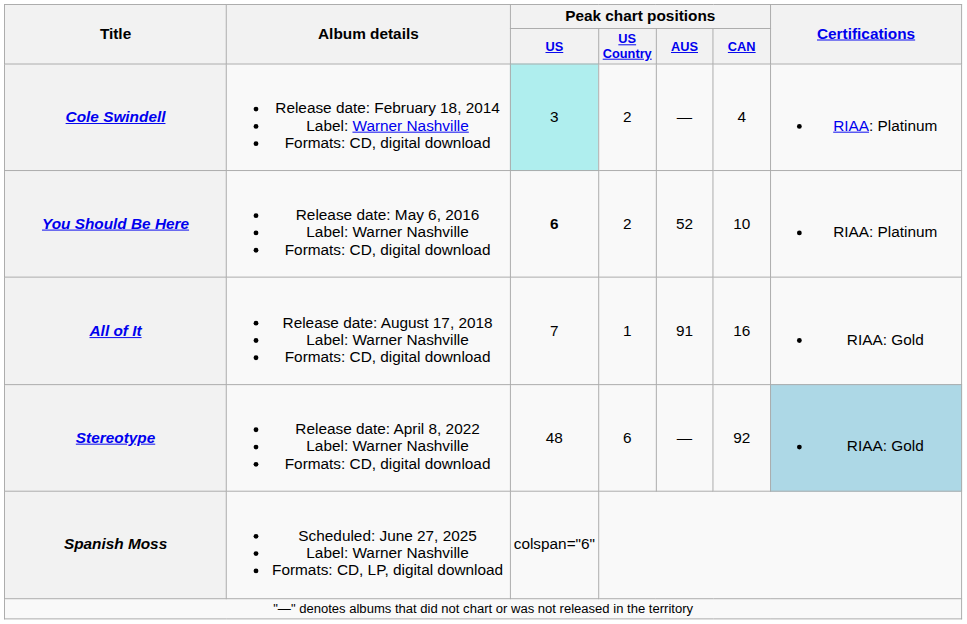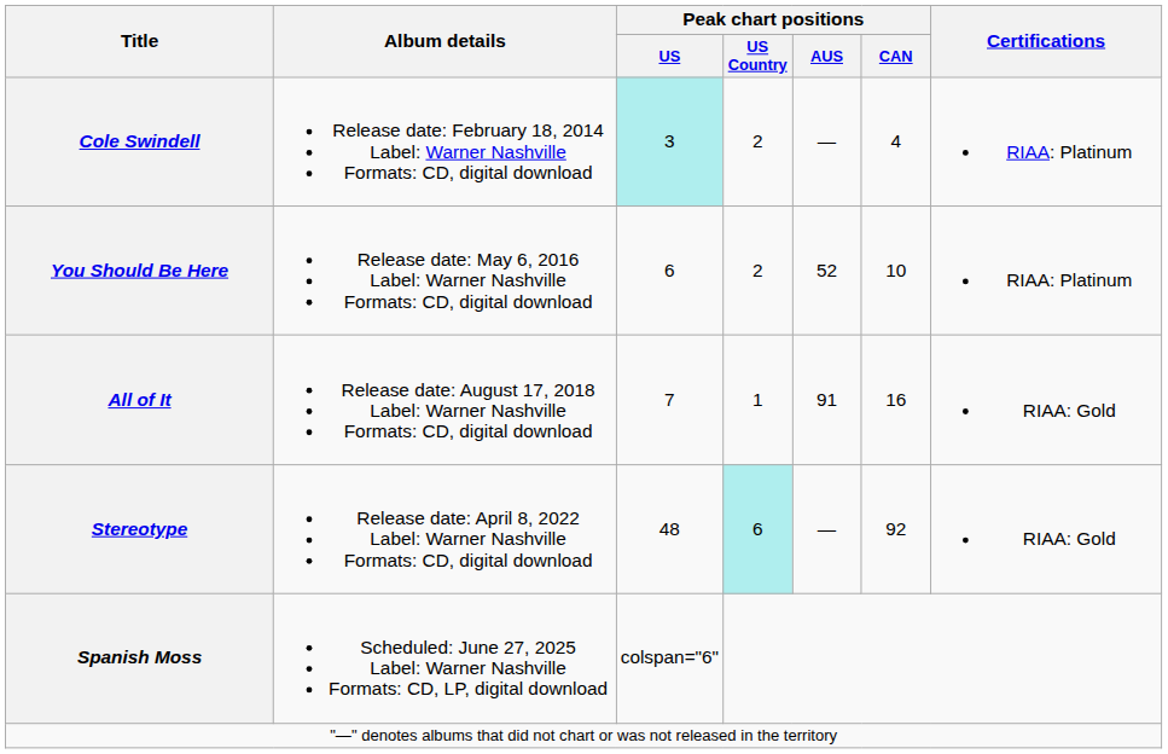 <table class="wikitable plainrowheaders" style="text-align:center;">
 <tr>
 <th scope="col" rowspan="2" style="width:14em;">Title</th>
 <th scope="col" rowspan="2" style="width:18em;">Album details</th>
 <th scope="col" colspan="4">Peak chart positions</th>
 <th scope="col" rowspan="2" style="width:12em;"><a href='#'>Certifications</a></th>
 </tr>
 <tr style="font-size:smaller;">
 <th scope="col" style="width:4em;"><a href='#'>US</a><br></th>
 <th scope="col" style="width:4em;"><a href='#'>US Country</a><br></th>
 <th scope="col" style="width:4em;"><a href='#'>AUS</a><br></th>
 <th scope="col" style="width:4em;"><a href='#'>CAN</a><br></th>
 </tr>
 <tr>
 <th scope="row"><em><a href='#'>Cole Swindell</a></em></th>
 <td><br><ul><li>Release date: February 18, 2014</li><li>Label: <a href='#'>Warner Nashville</a></li><li>Formats: CD, digital download</li></ul></td>
 <td style="background: paleturquoise;">3</td>
 <td>2</td>
 <td>—</td>
 <td>4</td>
 <td><br><ul><li><a href='#'>RIAA</a>: Platinum</li></ul></td>
 </tr>
 <tr>
 <th scope="row"><em><a href='#'>You Should Be Here</a></em></th>
 <td><br><ul><li>Release date: May 6, 2016</li><li>Label: Warner Nashville</li><li>Formats: CD, digital download</li></ul></td>
-<td><strong>6</strong></td>
+<td>6</td>
 <td>2</td>
 <td>52</td>
 <td>10</td>
 <td><br><ul><li>RIAA: Platinum</li></ul></td>
 </tr>
 <tr>
 <th scope="row"><em><a href='#'>All of It</a></em></th>
 <td><br><ul><li>Release date: August 17, 2018</li><li>Label: Warner Nashville</li><li>Formats: CD, digital download</li></ul></td>
 <td>7</td>
 <td>1</td>
 <td>91</td>
 <td>16</td>
 <td><br><ul><li>RIAA: Gold</li></ul></td>
 </tr>
 <tr>
 <th scope="row"><em><a href='#'>Stereotype</a></em></th>
 <td><br><ul><li>Release date: April 8, 2022</li><li>Label: Warner Nashville</li><li>Formats: CD, digital download</li></ul></td>
 <td>48</td>
-<td>6</td>
+<td style="background: paleturquoise;">6</td>
 <td>—</td>
 <td>92</td>
-<td style="background: lightblue;"><br><ul><li>RIAA: Gold</li></ul></td>
+<td><br><ul><li>RIAA: Gold</li></ul></td>
 </tr>
 <tr>
 <th scope="row"><em>Spanish Moss</em></th>
 <td><br><ul><li>Scheduled: June 27, 2025 </li><li>Label: Warner Nashville</li><li>Formats: CD, LP, digital download</li></ul></td>
 <td>colspan="6" </td>
 </tr>
 <tr>
 <td colspan="7" style="font-size:85%">"—" denotes albums that did not chart or was not released in the territory</td>
 </tr>
 </table>
